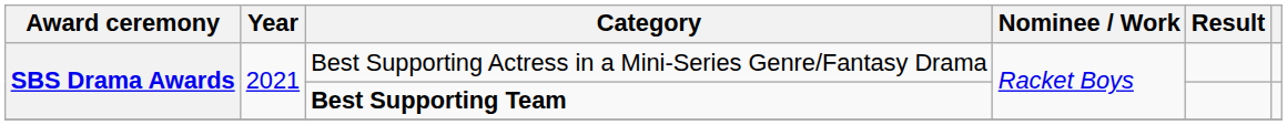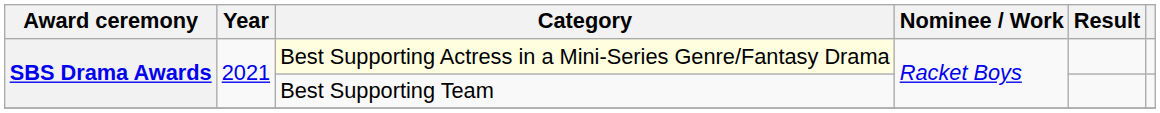 <table class="wikitable plainrowheaders sortable">
 <tr>
 <th scope="col">Award ceremony</th>
 <th scope="col">Year</th>
 <th scope="col">Category</th>
 <th scope="col">Nominee / Work</th>
 <th scope="col">Result</th>
 <th scope="col" class="unsortable"></th>
 </tr>
 <tr>
 <th scope="row" rowspan=2><a href='#'>SBS Drama Awards</a></th>
 <td rowspan=2><a href='#'>2021</a></td>
-<td>Best Supporting Actress in a Mini-Series Genre/Fantasy Drama</td>
+<td style="background: lightyellow;">Best Supporting Actress in a Mini-Series Genre/Fantasy Drama</td>
 <td rowspan="2"><em><a href='#'>Racket Boys</a></em></td>
 <td></td>
 <td></td>
 </tr>
 <tr>
-<td><strong>Best Supporting Team </strong></td>
+<td>Best Supporting Team </td>
 <td></td>
 <td></td>
 </tr>
 <tr>
 </tr>
 </table>
